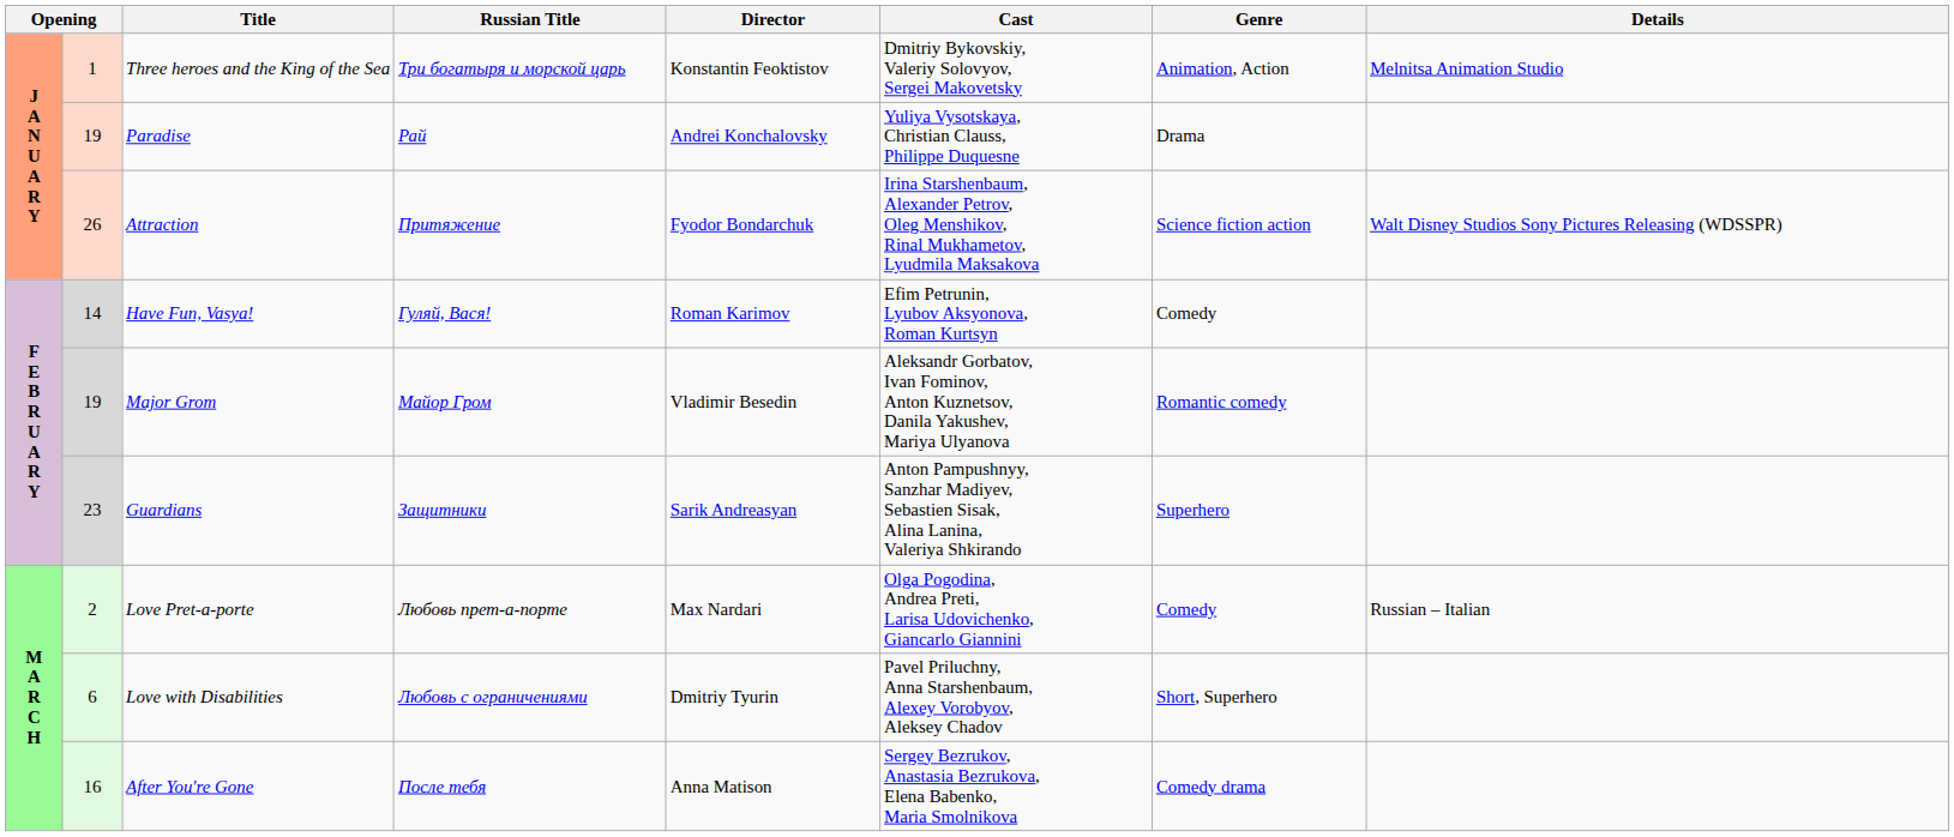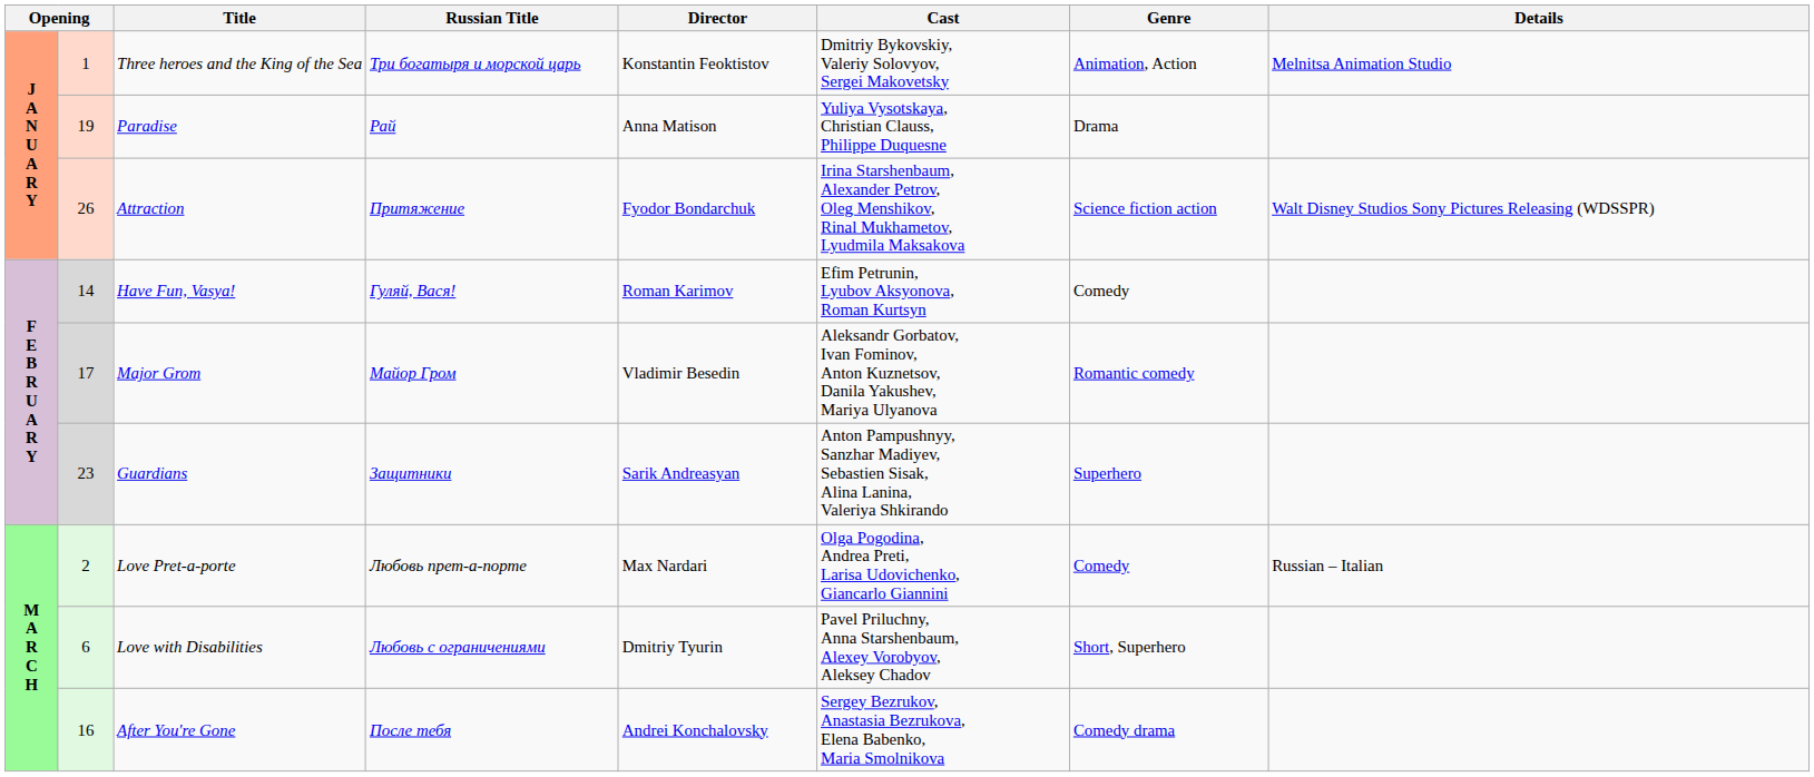 <table class="wikitable">
 <tr>
 <th style="width:6%;" colspan="2">Opening</th>
 <th style="width:14%;">Title</th>
 <th style="width:14%;">Russian Title</th>
 <th style="width:11%;">Director</th>
 <th style="width:14%;">Cast</th>
 <th style="width:11%;">Genre</th>
 <th>Details</th>
 </tr>
 <tr>
 <th rowspan="3" align="center" style="background:#ffa07a; textcolor:#000;">J<br>A<br>N<br>U<br>A<br>R<br>Y</th>
 <td align="center" style="background:#ffdacc;">1</td>
 <td><em>Three heroes and the King of the Sea</em></td>
 <td><em><a href='#'>Три богатыря и морской царь</a></em></td>
 <td>Konstantin Feoktistov</td>
 <td>Dmitriy Bykovskiy,<br> Valeriy Solovyov,<br> <a href='#'>Sergei Makovetsky</a></td>
 <td><a href='#'>Animation</a>, Action</td>
 <td><a href='#'>Melnitsa Animation Studio</a></td>
 </tr>
 <tr>
 <td align="center" style="background:#ffdacc;">19</td>
 <td><em><a href='#'>Paradise</a></em></td>
 <td><em><a href='#'>Рай</a></em></td>
-<td><a href='#'>Andrei Konchalovsky</a></td>
+<td>Anna Matison</td>
 <td><a href='#'>Yuliya Vysotskaya</a>,<br> Christian Clauss,<br> <a href='#'>Philippe Duquesne</a></td>
 <td>Drama</td>
 <td></td>
 </tr>
 <tr>
 <td align="center" style="background:#ffdacc;">26</td>
 <td><em><a href='#'>Attraction</a></em></td>
 <td><em><a href='#'>Притяжение</a></em></td>
 <td><a href='#'>Fyodor Bondarchuk</a></td>
 <td><a href='#'>Irina Starshenbaum</a>,<br> <a href='#'>Alexander Petrov</a>,<br> <a href='#'>Oleg Menshikov</a>,<br> <a href='#'>Rinal Mukhametov</a>,<br> <a href='#'>Lyudmila Maksakova</a></td>
 <td><a href='#'>Science fiction action</a></td>
 <td><a href='#'>Walt Disney Studios Sony Pictures Releasing</a> (WDSSPR)</td>
 </tr>
 <tr>
 <th rowspan="3" align="center" style="background:thistle; textcolor:#000;">F<br>E<br>B<br>R<br>U<br>A<br>R<br>Y</th>
 <td align="center" style="background:#d8d8d8;">14</td>
 <td><em><a href='#'>Have Fun, Vasya!</a></em></td>
 <td><em><a href='#'>Гуляй, Вася!</a></em></td>
 <td><a href='#'>Roman Karimov</a></td>
 <td>Efim Petrunin,<br> <a href='#'>Lyubov Aksyonova</a>,<br> <a href='#'>Roman Kurtsyn</a></td>
 <td>Comedy</td>
 <td></td>
 </tr>
 <tr>
-<td align="center" style="background:#d8d8d8;">19</td>
+<td align="center" style="background:#d8d8d8;">17</td>
 <td><em><a href='#'>Major Grom</a></em></td>
 <td><em><a href='#'>Майор Гром</a></em></td>
 <td>Vladimir Besedin</td>
 <td>Aleksandr Gorbatov,<br> Ivan Fominov,<br> Anton Kuznetsov,<br> Danila Yakushev,<br> Mariya Ulyanova</td>
 <td><a href='#'>Romantic comedy</a></td>
 <td></td>
 </tr>
 <tr>
 <td align="center" style="background:#d8d8d8;">23</td>
 <td><em><a href='#'>Guardians</a></em></td>
 <td><em><a href='#'>Защитники</a></em></td>
 <td><a href='#'>Sarik Andreasyan</a></td>
 <td>Anton Pampushnyy,<br> Sanzhar Madiyev,<br> Sebastien Sisak,<br> Alina Lanina,<br> Valeriya Shkirando</td>
 <td><a href='#'>Superhero</a></td>
 <td></td>
 </tr>
 <tr>
 <th rowspan="3" align="center" style="background:#98fb98; textcolor:#000;">M<br>A<br>R<br>C<br>H</th>
 <td align="center" style="background:#e0f9e0;">2</td>
 <td><em>Love Pret-a-porte</em></td>
 <td><em>Любовь прет-а-порте</em></td>
 <td>Max Nardari</td>
 <td><a href='#'>Olga Pogodina</a>,<br> Andrea Preti,<br> <a href='#'>Larisa Udovichenko</a>,<br> <a href='#'>Giancarlo Giannini</a></td>
 <td><a href='#'>Comedy</a></td>
 <td>Russian – Italian</td>
 </tr>
 <tr>
 <td align="center" style="background:#e0f9e0;">6</td>
 <td><em>Love with Disabilities</em></td>
 <td><em><a href='#'>Любовь с ограничениями</a></em></td>
 <td>Dmitriy Tyurin</td>
 <td>Pavel Priluchny,<br> Anna Starshenbaum,<br> <a href='#'>Alexey Vorobyov</a>,<br> Aleksey Chadov</td>
 <td><a href='#'>Short</a>, Superhero</td>
 <td></td>
 </tr>
 <tr>
 <td align="center" style="background:#e0f9e0;">16</td>
 <td><em><a href='#'>After You're Gone</a></em></td>
 <td><em><a href='#'>После тебя</a></em></td>
-<td>Anna Matison</td>
+<td><a href='#'>Andrei Konchalovsky</a></td>
 <td><a href='#'>Sergey Bezrukov</a>,<br> <a href='#'>Anastasia Bezrukova</a>,<br> Elena Babenko,<br> <a href='#'>Maria Smolnikova</a></td>
 <td><a href='#'>Comedy drama</a></td>
 <td></td>
 </tr>
 </table>
